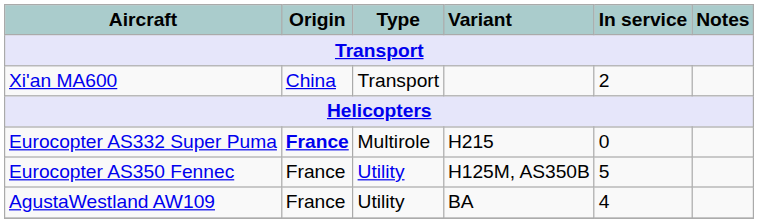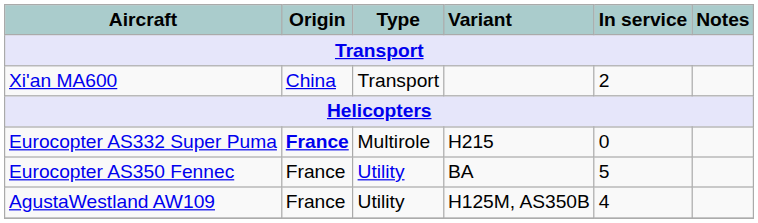 <table class="wikitable">
 <tr>
 <th style="text-align:center; background:#acc;">Aircraft</th>
 <th style="text-align: center; background:#acc;">Origin</th>
 <th style="text-align:l center; background:#acc;">Type</th>
 <th style="text-align:left; background:#acc;">Variant</th>
 <th style="text-align:center; background:#acc;">In service</th>
 <th style="text-align: center; background:#acc;">Notes</th>
 </tr>
 <tr>
 <th colspan="7" style="align: center; background: lavender;"><a href='#'>Transport</a></th>
 </tr>
 <tr>
 <td><a href='#'>Xi'an MA600</a></td>
 <td><a href='#'>China</a></td>
 <td>Transport</td>
 <td></td>
 <td>2</td>
 <td></td>
 </tr>
 <tr>
 <th colspan="7" style="align: center; background: lavender;"><a href='#'>Helicopters</a></th>
 </tr>
 <tr>
 <td><a href='#'>Eurocopter AS332 Super Puma</a></td>
 <td><strong><a href='#'>France</a></strong></td>
 <td>Multirole</td>
 <td>H215</td>
 <td>0</td>
 <td></td>
 </tr>
 <tr>
 <td><a href='#'>Eurocopter AS350 Fennec</a></td>
 <td>France</td>
 <td><a href='#'>Utility</a></td>
-<td>H125M, AS350B</td>
+<td>BA</td>
 <td>5</td>
 <td></td>
 </tr>
 <tr>
 <td><a href='#'>AgustaWestland AW109</a></td>
 <td>France</td>
 <td>Utility</td>
-<td>BA</td>
+<td>H125M, AS350B</td>
 <td>4</td>
 <td></td>
 </tr>
 <tr>
 </tr>
 </table>
